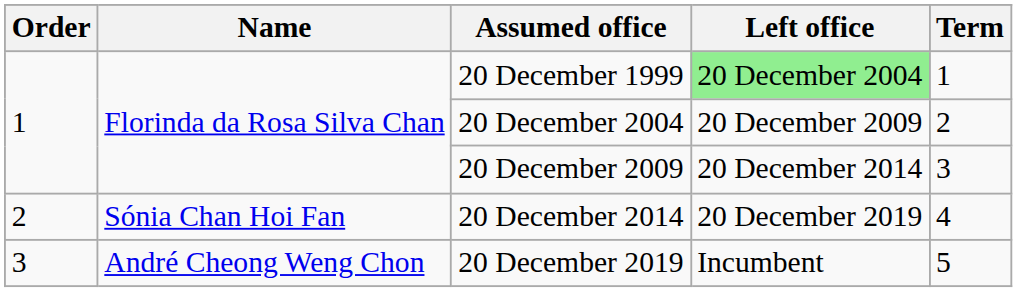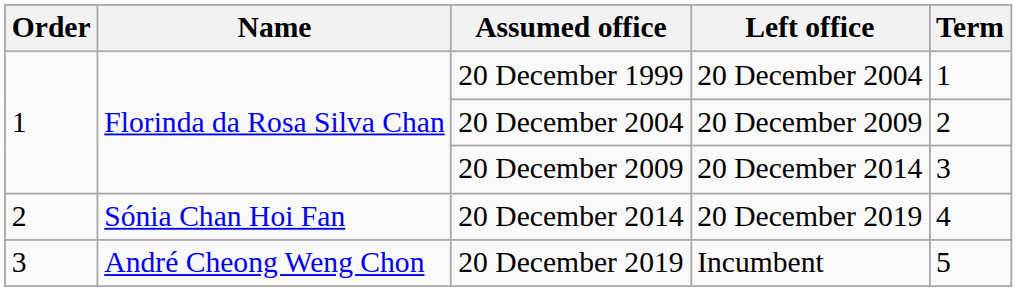 <table class="wikitable">
 <tr>
 <th>Order</th>
 <th>Name</th>
 <th>Assumed office</th>
 <th>Left office</th>
 <th>Term</th>
 </tr>
 <tr>
 <td rowspan=3>1</td>
 <td rowspan=3><a href='#'>Florinda da Rosa Silva Chan</a><br></td>
 <td>20 December 1999</td>
-<td style="background: lightgreen;">20 December 2004</td>
+<td>20 December 2004</td>
 <td>1</td>
 </tr>
 <tr>
 <td>20 December 2004</td>
 <td>20 December 2009</td>
 <td>2</td>
 </tr>
 <tr>
 <td>20 December 2009</td>
 <td>20 December 2014</td>
 <td>3</td>
 </tr>
 <tr>
 <td>2</td>
 <td><a href='#'>Sónia Chan Hoi Fan</a><br></td>
 <td>20 December 2014</td>
 <td>20 December 2019</td>
 <td>4</td>
 </tr>
 <tr>
 <td>3</td>
 <td><a href='#'>André Cheong Weng Chon</a><br></td>
 <td>20 December 2019</td>
 <td>Incumbent</td>
 <td>5</td>
 </tr>
 </table>
